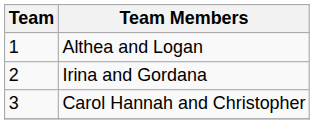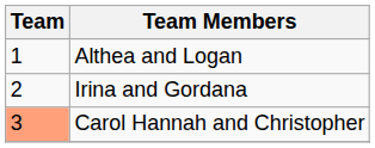 <table class="wikitable">
 <tr>
 <th>Team</th>
 <th>Team Members</th>
 </tr>
 <tr>
 <td>1</td>
 <td>Althea and Logan</td>
 </tr>
 <tr>
 <td>2</td>
 <td>Irina and Gordana</td>
 </tr>
 <tr>
-<td>3</td>
+<td style="background: lightsalmon;">3</td>
 <td>Carol Hannah and Christopher</td>
 </tr>
 <tr>
 </tr>
 <tr>
 </tr>
 </table>
